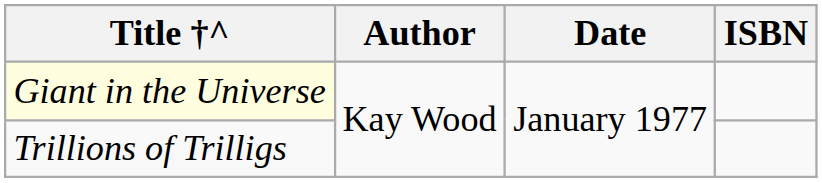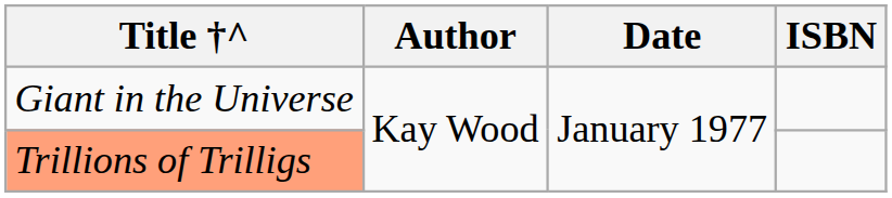 <table class="wikitable">
 <tr>
 <th>Title †^</th>
 <th>Author</th>
 <th>Date</th>
 <th>ISBN</th>
 </tr>
 <tr>
-<td style="background: lightyellow;"><em>Giant in the Universe</em></td>
+<td><em>Giant in the Universe</em></td>
 <td rowspan="2">Kay Wood</td>
 <td rowspan="2">January 1977</td>
 <td></td>
 </tr>
 <tr>
-<td><em>Trillions of Trilligs</em></td>
+<td style="background: lightsalmon;"><em>Trillions of Trilligs</em></td>
 <td></td>
 </tr>
 </table>
